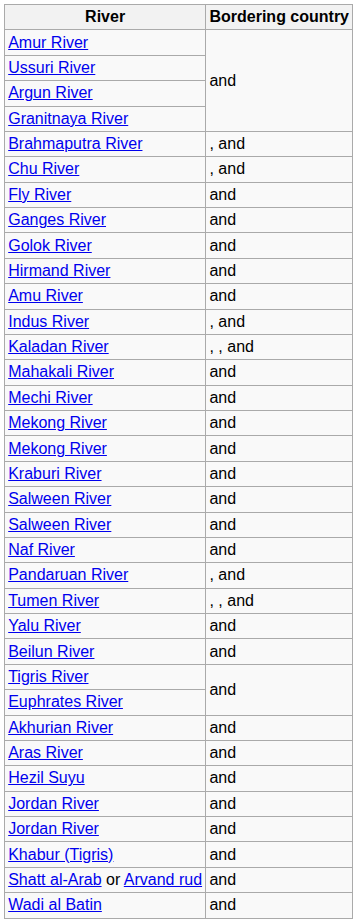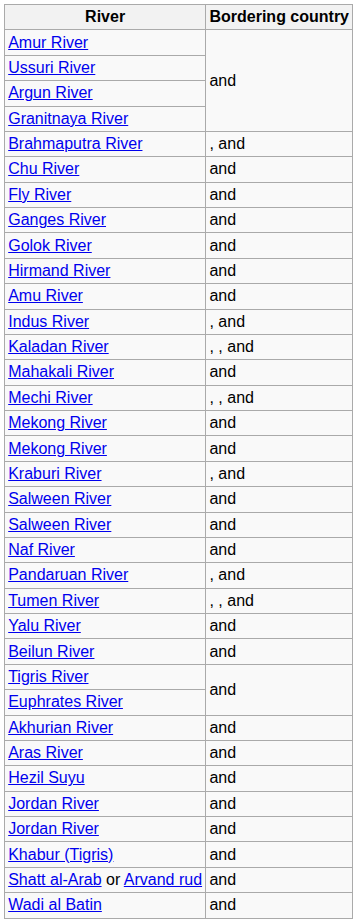 <table class="wikitable sortable">
 <tr>
 <th>River</th>
 <th>Bordering country</th>
 </tr>
 <tr>
 <td><a href='#'>Amur River</a></td>
 <td rowspan="4"> and </td>
 </tr>
 <tr>
 <td><a href='#'>Ussuri River</a></td>
 </tr>
 <tr>
 <td><a href='#'>Argun River</a></td>
 </tr>
 <tr>
 <td><a href='#'>Granitnaya River</a></td>
 </tr>
 <tr>
 <td><a href='#'>Brahmaputra River</a></td>
 <td>,  and </td>
 </tr>
 <tr>
 <td><a href='#'>Chu River</a></td>
-<td>,  and </td>
+<td> and </td>
 </tr>
 <tr>
 <td><a href='#'>Fly River</a></td>
 <td> and </td>
 </tr>
 <tr>
 <td><a href='#'>Ganges River</a></td>
 <td> and </td>
 </tr>
 <tr>
 <td><a href='#'>Golok River</a></td>
 <td> and </td>
 </tr>
 <tr>
 <td><a href='#'>Hirmand River</a></td>
 <td> and </td>
 </tr>
 <tr>
 <td><a href='#'>Amu River</a></td>
 <td> and </td>
 </tr>
 <tr>
 <td><a href='#'>Indus River</a></td>
 <td>,  and </td>
 </tr>
 <tr>
 <td><a href='#'>Kaladan River</a></td>
 <td>, ,  and </td>
 </tr>
 <tr>
 <td><a href='#'>Mahakali River</a></td>
 <td> and </td>
 </tr>
 <tr>
 <td><a href='#'>Mechi River</a></td>
-<td> and </td>
+<td>, ,  and </td>
 </tr>
 <tr>
 <td><a href='#'>Mekong River</a></td>
 <td> and </td>
 </tr>
 <tr>
 <td><a href='#'>Mekong River</a></td>
 <td> and </td>
 </tr>
 <tr>
 <td><a href='#'>Kraburi River</a></td>
-<td> and </td>
+<td>,  and </td>
 </tr>
 <tr>
 <td><a href='#'>Salween River</a></td>
 <td> and </td>
 </tr>
 <tr>
 <td><a href='#'>Salween River</a></td>
 <td> and </td>
 </tr>
 <tr>
 <td><a href='#'>Naf River</a></td>
 <td> and </td>
 </tr>
 <tr>
 <td><a href='#'>Pandaruan River</a></td>
 <td>,  and </td>
 </tr>
 <tr>
 <td><a href='#'>Tumen River</a></td>
 <td>, , and </td>
 </tr>
 <tr>
 <td><a href='#'>Yalu River</a></td>
 <td> and </td>
 </tr>
 <tr>
 <td><a href='#'>Beilun River</a></td>
 <td> and </td>
 </tr>
 <tr>
 <td><a href='#'>Tigris River</a></td>
 <td rowspan="2">   and </td>
 </tr>
 <tr>
 <td><a href='#'>Euphrates River</a></td>
 </tr>
 <tr>
 <td><a href='#'>Akhurian River</a></td>
 <td> and </td>
 </tr>
 <tr>
 <td><a href='#'>Aras River</a></td>
 <td> and </td>
 </tr>
 <tr>
 <td><a href='#'>Hezil Suyu</a></td>
 <td> and </td>
 </tr>
 <tr>
 <td><a href='#'>Jordan River</a></td>
 <td> and </td>
 </tr>
 <tr>
 <td><a href='#'>Jordan River</a></td>
 <td> and </td>
 </tr>
 <tr>
 <td><a href='#'>Khabur (Tigris)</a></td>
 <td> and </td>
 </tr>
 <tr>
 <td><a href='#'>Shatt al-Arab</a> or <a href='#'>Arvand rud</a></td>
 <td> and </td>
 </tr>
 <tr>
 <td><a href='#'>Wadi al Batin</a></td>
 <td> and </td>
 </tr>
 </table>
